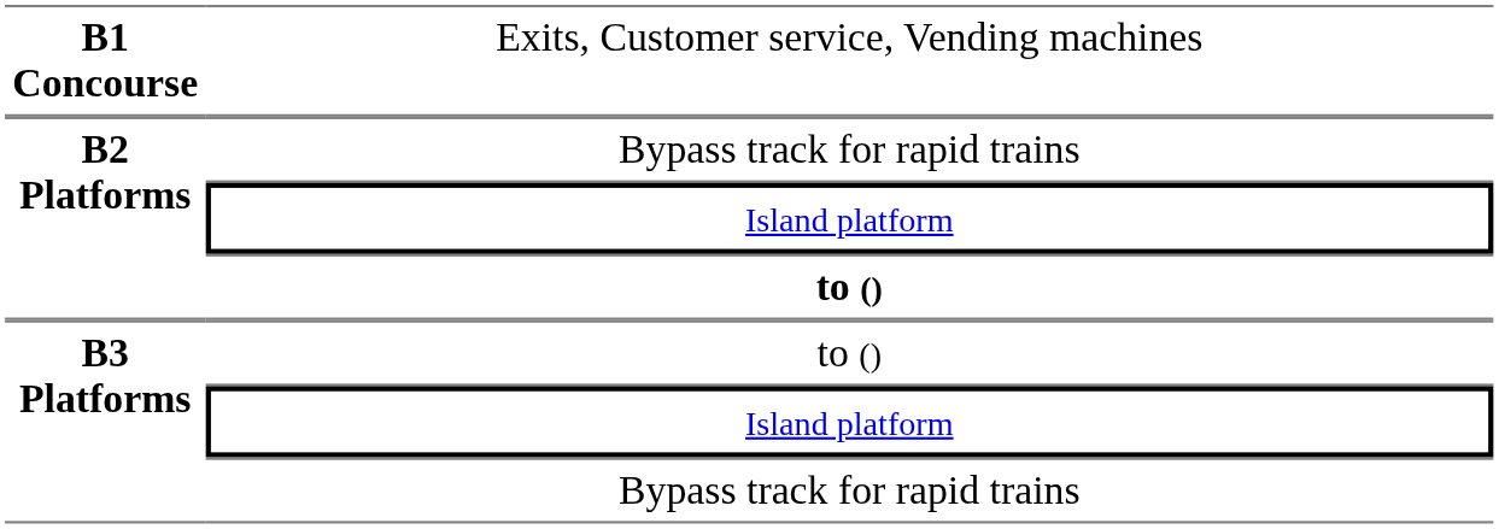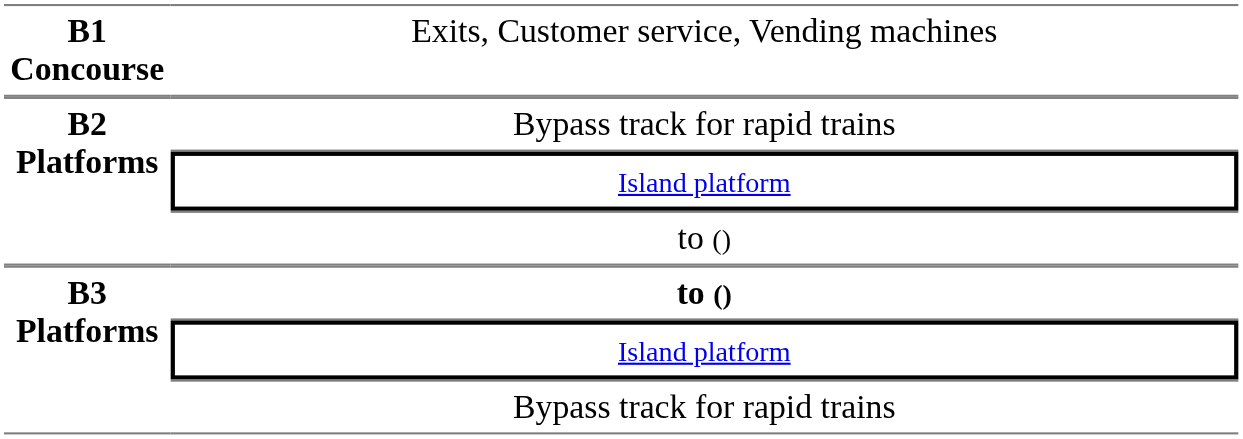 <table table border=0 cellspacing=0 cellpadding=3>
 <tr>
 <td style="border-bottom:solid 1px gray; border-top:solid 1px gray;text-align:center" valign=top><strong>B1<br>Concourse</strong></td>
 <td style="border-bottom:solid 1px gray; border-top:solid 1px gray;text-align:center;" valign=top width=500>Exits, Customer service, Vending machines</td>
 </tr>
 <tr>
 <td style="border-bottom:solid 1px gray; border-top:solid 1px gray;text-align:center" rowspan="3" valign=top><strong>B2<br>Platforms</strong></td>
 <td style="border-bottom:solid 1px gray; border-top:solid 1px gray;text-align:center"> Bypass track for  rapid trains</td>
 </tr>
 <tr>
 <td style="border-right:solid 2px black;border-left:solid 2px black;border-top:solid 2px black;border-bottom:solid 2px black;text-align:center;" colspan=2><small><a href='#'>Island platform</a></small></td>
 </tr>
 <tr>
-<td style="border-bottom:solid 1px gray; border-top:solid 1px gray;text-align:center"><strong>  to  <small>()</small></strong></td>
+<td style="border-bottom:solid 1px gray; border-top:solid 1px gray;text-align:center">  to  <small>()</small></td>
 </tr>
 <tr>
 <td style="border-bottom:solid 1px gray; border-top:solid 1px gray;text-align:center" rowspan="3" valign=top><strong>B3<br>Platforms</strong></td>
-<td style="border-bottom:solid 1px gray; border-top:solid 1px gray;text-align:center"> to  <small>()</small> </td>
+<td style="border-bottom:solid 1px gray; border-top:solid 1px gray;text-align:center"><strong> to  <small>()</small> </strong></td>
 </tr>
 <tr>
 <td style="border-right:solid 2px black;border-left:solid 2px black;border-top:solid 2px black;border-bottom:solid 2px black;text-align:center;" colspan=2><small><a href='#'>Island platform</a></small></td>
 </tr>
 <tr>
 <td style="border-bottom:solid 1px gray; border-top:solid 1px gray;text-align:center">Bypass track for  rapid trains </td>
 </tr>
 </table>
